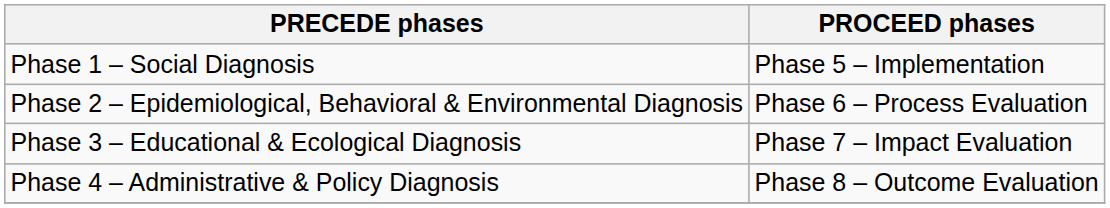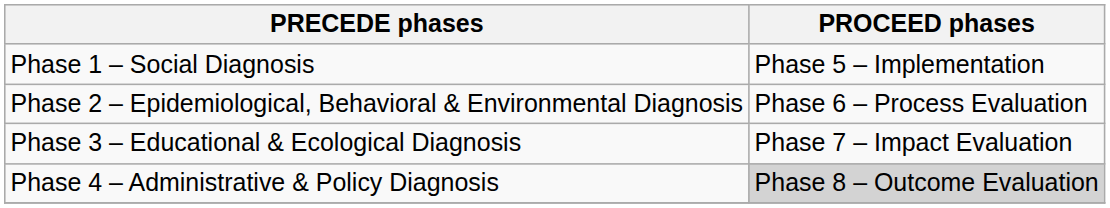 <table class="wikitable">
 <tr>
 <th>PRECEDE phases</th>
 <th>PROCEED phases</th>
 </tr>
 <tr>
 <td>Phase 1 – Social Diagnosis</td>
 <td>Phase 5 – Implementation</td>
 </tr>
 <tr>
 <td>Phase 2 – Epidemiological, Behavioral & Environmental Diagnosis</td>
 <td>Phase 6 – Process Evaluation</td>
 </tr>
 <tr>
 <td>Phase 3 – Educational & Ecological Diagnosis</td>
 <td>Phase 7 – Impact Evaluation</td>
 </tr>
 <tr>
 <td>Phase 4 – Administrative & Policy Diagnosis</td>
-<td>Phase 8 – Outcome Evaluation</td>
+<td style="background: lightgrey;">Phase 8 – Outcome Evaluation</td>
 </tr>
 <tr>
 </tr>
 </table>
